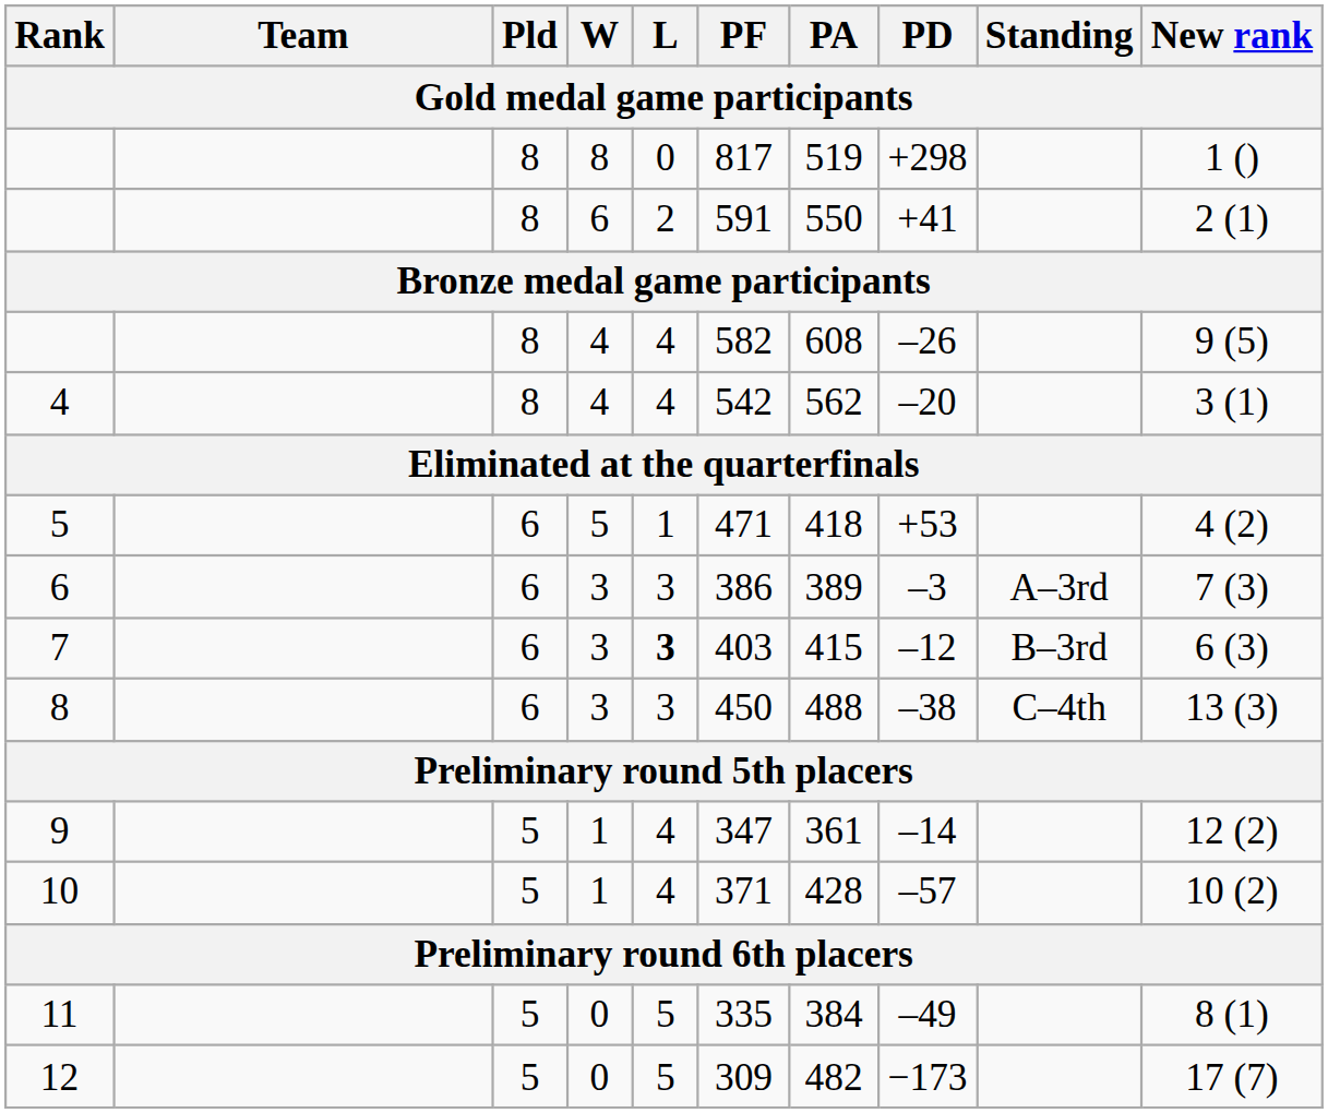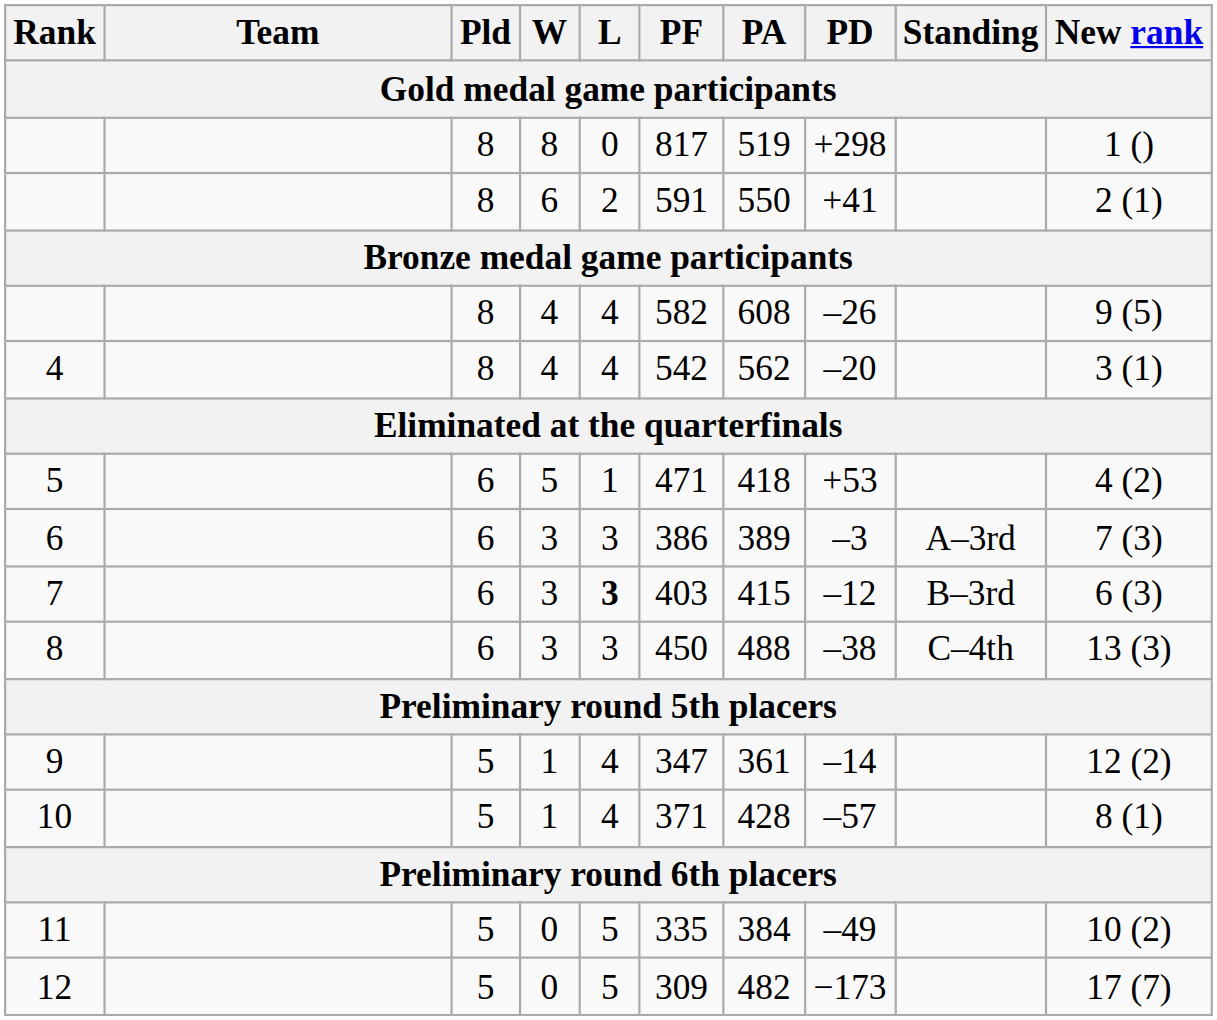 <table class=wikitable>
 <tr>
 <th>Rank</th>
 <th width=150px>Team</th>
 <th width=20px>Pld</th>
 <th width=20px>W</th>
 <th width=20px>L</th>
 <th width=30px>PF</th>
 <th width=30px>PA</th>
 <th width=30px>PD</th>
 <th>Standing</th>
 <th>New <a href='#'>rank</a></th>
 </tr>
 <tr>
 <th colspan=10>Gold medal game participants</th>
 </tr>
 <tr align=center>
 <td></td>
 <td align=left></td>
 <td>8</td>
 <td>8</td>
 <td>0</td>
 <td>817</td>
 <td>519</td>
 <td>+298</td>
 <td></td>
 <td>1 ()</td>
 </tr>
 <tr align=center>
 <td></td>
 <td align=left></td>
 <td>8</td>
 <td>6</td>
 <td>2</td>
 <td>591</td>
 <td>550</td>
 <td>+41</td>
 <td></td>
 <td>2 (1)</td>
 </tr>
 <tr>
 <th colspan=10>Bronze medal game participants</th>
 </tr>
 <tr align=center>
 <td></td>
 <td align=left></td>
 <td>8</td>
 <td>4</td>
 <td>4</td>
 <td>582</td>
 <td>608</td>
 <td>–26</td>
 <td></td>
 <td>9 (5)</td>
 </tr>
 <tr align=center>
 <td>4</td>
 <td align=left></td>
 <td>8</td>
 <td>4</td>
 <td>4</td>
 <td>542</td>
 <td>562</td>
 <td>–20</td>
 <td></td>
 <td>3 (1)</td>
 </tr>
 <tr>
 <th colspan=10>Eliminated at the quarterfinals</th>
 </tr>
 <tr align=center>
 <td>5</td>
 <td align=left></td>
 <td>6</td>
 <td>5</td>
 <td>1</td>
 <td>471</td>
 <td>418</td>
 <td>+53</td>
 <td></td>
 <td>4 (2)</td>
 </tr>
 <tr align=center>
 <td>6</td>
 <td align=left></td>
 <td>6</td>
 <td>3</td>
 <td>3</td>
 <td>386</td>
 <td>389</td>
 <td>–3</td>
 <td>A–3rd</td>
 <td>7 (3)</td>
 </tr>
 <tr align=center>
 <td>7</td>
 <td align=left></td>
 <td>6</td>
 <td>3</td>
 <td><strong>3</strong></td>
 <td>403</td>
 <td>415</td>
 <td>–12</td>
 <td>B–3rd</td>
 <td>6 (3)</td>
 </tr>
 <tr align=center>
 <td>8</td>
 <td align=left></td>
 <td>6</td>
 <td>3</td>
 <td>3</td>
 <td>450</td>
 <td>488</td>
 <td>–38</td>
 <td>C–4th</td>
 <td>13 (3)</td>
 </tr>
 <tr>
 <th colspan=10>Preliminary round 5th placers</th>
 </tr>
 <tr align=center>
 <td>9</td>
 <td align=left></td>
 <td>5</td>
 <td>1</td>
 <td>4</td>
 <td>347</td>
 <td>361</td>
 <td>–14</td>
 <td></td>
 <td>12 (2)</td>
 </tr>
 <tr align=center>
 <td>10</td>
 <td align=left></td>
 <td>5</td>
 <td>1</td>
 <td>4</td>
 <td>371</td>
 <td>428</td>
 <td>–57</td>
 <td></td>
-<td>10 (2)</td>
+<td>8 (1)</td>
 </tr>
 <tr>
 <th colspan=10>Preliminary round 6th placers</th>
 </tr>
 <tr align=center>
 <td>11</td>
 <td align=left></td>
 <td>5</td>
 <td>0</td>
 <td>5</td>
 <td>335</td>
 <td>384</td>
 <td>–49</td>
 <td></td>
-<td>8 (1)</td>
+<td>10 (2)</td>
 </tr>
 <tr align=center>
 <td>12</td>
 <td align=left></td>
 <td>5</td>
 <td>0</td>
 <td>5</td>
 <td>309</td>
 <td>482</td>
 <td>−173</td>
 <td></td>
 <td>17 (7)</td>
 </tr>
 </table>
